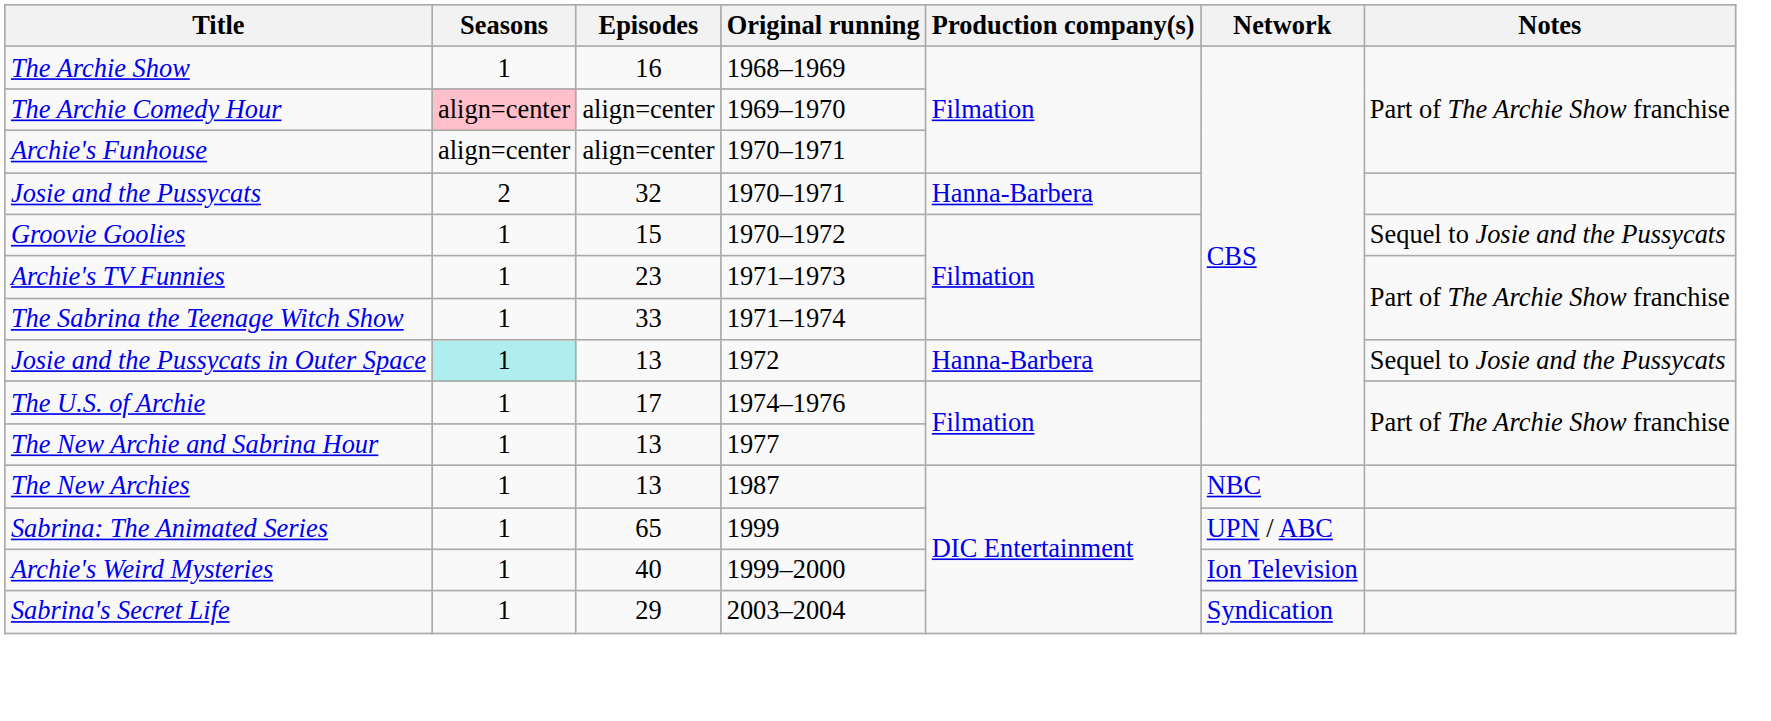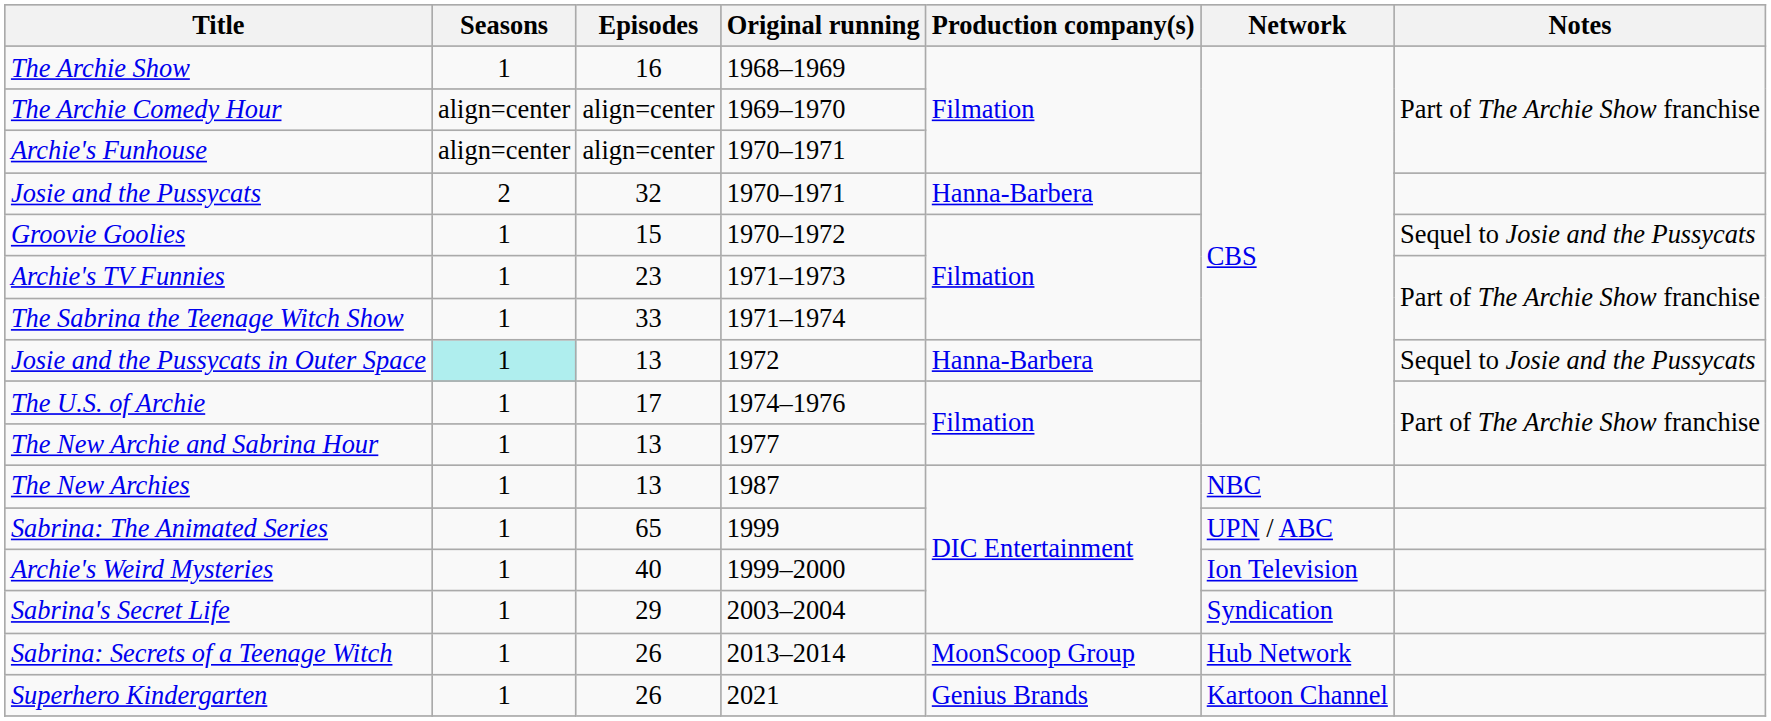 <table class="wikitable plainrowheaders" style="text-align: left">
 <tr>
 <th>Title</th>
 <th>Seasons</th>
 <th>Episodes</th>
 <th>Original running</th>
 <th>Production company(s)</th>
 <th>Network</th>
 <th>Notes</th>
 </tr>
 <tr>
 <td><em><a href='#'>The Archie Show</a></em></td>
 <td align=center>1</td>
 <td align=center>16</td>
 <td>1968–1969</td>
 <td rowspan="3"><a href='#'>Filmation</a></td>
 <td rowspan="10"><a href='#'>CBS</a></td>
 <td rowspan="3">Part of <em>The Archie Show</em> franchise</td>
 </tr>
 <tr>
 <td><em><a href='#'>The Archie Comedy Hour</a></em></td>
-<td style="background: pink;">align=center </td>
+<td>align=center </td>
 <td>align=center </td>
 <td>1969–1970</td>
 </tr>
 <tr>
 <td><em><a href='#'>Archie's Funhouse</a></em></td>
 <td>align=center </td>
 <td>align=center </td>
 <td>1970–1971</td>
 </tr>
 <tr>
 <td><em><a href='#'>Josie and the Pussycats</a></em></td>
 <td align=center>2</td>
 <td align=center>32</td>
 <td>1970–1971</td>
 <td><a href='#'>Hanna-Barbera</a></td>
 <td></td>
 </tr>
 <tr>
 <td><em><a href='#'>Groovie Goolies</a></em></td>
 <td align="center">1</td>
 <td align="center">15</td>
 <td>1970–1972</td>
 <td rowspan="3"><a href='#'>Filmation</a></td>
 <td>Sequel to <em>Josie and the Pussycats</em></td>
 </tr>
 <tr>
 <td><em><a href='#'>Archie's TV Funnies</a></em></td>
 <td align=center>1</td>
 <td align=center>23</td>
 <td>1971–1973</td>
 <td rowspan="2">Part of <em>The Archie Show</em> franchise</td>
 </tr>
 <tr>
 <td><em><a href='#'>The Sabrina the Teenage Witch Show</a></em></td>
 <td align=center>1</td>
 <td align=center>33</td>
 <td>1971–1974</td>
 </tr>
 <tr>
 <td><em><a href='#'>Josie and the Pussycats in Outer Space</a></em></td>
 <td align=center style="background: paleturquoise;">1</td>
 <td align=center>13</td>
 <td>1972</td>
 <td><a href='#'>Hanna-Barbera</a></td>
 <td>Sequel to <em>Josie and the Pussycats</em></td>
 </tr>
 <tr>
 <td><em><a href='#'>The U.S. of Archie</a></em></td>
 <td align=center>1</td>
 <td align=center>17</td>
 <td>1974–1976</td>
 <td rowspan="2"><a href='#'>Filmation</a></td>
 <td rowspan="2">Part of <em>The Archie Show</em> franchise</td>
 </tr>
 <tr>
 <td><em><a href='#'>The New Archie and Sabrina Hour</a></em></td>
 <td align=center>1</td>
 <td align=center>13</td>
 <td>1977</td>
 </tr>
 <tr>
 <td><em><a href='#'>The New Archies</a></em></td>
 <td align=center>1</td>
 <td align=center>13</td>
 <td>1987</td>
 <td rowspan="4"><a href='#'>DIC Entertainment</a></td>
 <td><a href='#'>NBC</a></td>
 <td></td>
 </tr>
 <tr>
 <td><em><a href='#'>Sabrina: The Animated Series</a></em></td>
 <td align=center>1</td>
 <td align=center>65</td>
 <td>1999</td>
 <td><a href='#'>UPN</a> / <a href='#'>ABC</a></td>
 <td></td>
 </tr>
 <tr>
 <td><em><a href='#'>Archie's Weird Mysteries</a></em></td>
 <td align=center>1</td>
 <td align=center>40</td>
 <td>1999–2000</td>
 <td><a href='#'>Ion Television</a></td>
 <td></td>
 </tr>
 <tr>
 <td><em><a href='#'>Sabrina's Secret Life</a></em></td>
 <td align=center>1</td>
 <td align=center>29</td>
 <td>2003–2004</td>
 <td><a href='#'>Syndication</a></td>
 <td></td>
 </tr>
+<tr>
+<td><em><a href='#'>Sabrina: Secrets of a Teenage Witch</a></em></td>
+<td align=center>1</td>
+<td align=center>26</td>
+<td>2013–2014</td>
+<td><a href='#'>MoonScoop Group</a></td>
+<td><a href='#'>Hub Network</a></td>
+<td></td>
+</tr>
+<tr>
+<td><em><a href='#'>Superhero Kindergarten</a></em></td>
+<td align=center>1</td>
+<td align=center>26</td>
+<td>2021</td>
+<td><a href='#'>Genius Brands</a></td>
+<td><a href='#'>Kartoon Channel</a></td>
+<td></td>
+</tr>
 </table>
